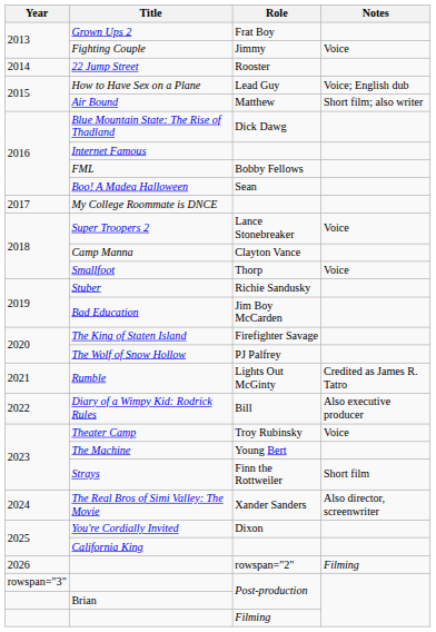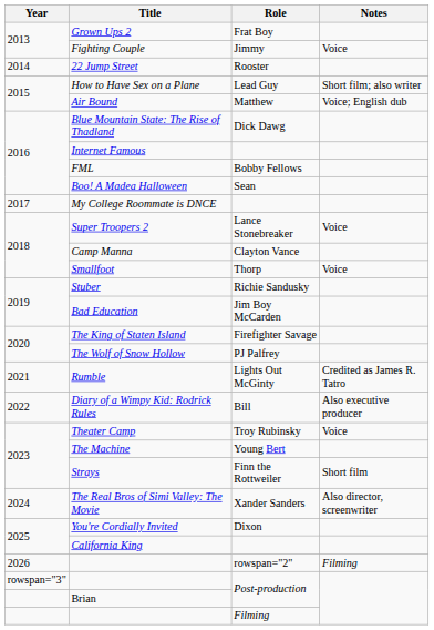 <table class="wikitable">
 <tr>
 <th>Year</th>
 <th>Title</th>
 <th>Role</th>
 <th>Notes</th>
 </tr>
 <tr>
 <td rowspan="2">2013</td>
 <td><em><a href='#'>Grown Ups 2</a></em></td>
 <td>Frat Boy</td>
 <td></td>
 </tr>
 <tr>
 <td><em>Fighting Couple</em></td>
 <td>Jimmy</td>
 <td>Voice</td>
 </tr>
 <tr>
 <td>2014</td>
 <td><em><a href='#'>22 Jump Street</a></em></td>
 <td>Rooster</td>
 <td></td>
 </tr>
 <tr>
 <td rowspan="2">2015</td>
 <td><em>How to Have Sex on a Plane</em></td>
 <td>Lead Guy</td>
-<td>Voice; English dub</td>
+<td>Short film; also writer</td>
 </tr>
 <tr>
 <td><em><a href='#'>Air Bound</a></em></td>
 <td>Matthew</td>
-<td>Short film; also writer</td>
+<td>Voice; English dub</td>
 </tr>
 <tr>
 <td rowspan="4">2016</td>
 <td><em><a href='#'>Blue Mountain State: The Rise of Thadland</a></em></td>
 <td>Dick Dawg</td>
 <td></td>
 </tr>
 <tr>
 <td><em><a href='#'>Internet Famous</a></em></td>
 <td></td>
 <td></td>
 </tr>
 <tr>
 <td><em>FML</em></td>
 <td>Bobby Fellows</td>
 <td></td>
 </tr>
 <tr>
 <td><em><a href='#'>Boo! A Madea Halloween</a></em></td>
 <td>Sean</td>
 <td></td>
 </tr>
 <tr>
 <td>2017</td>
 <td><em>My College Roommate is DNCE</em></td>
 <td></td>
 <td></td>
 </tr>
 <tr>
 <td rowspan="3">2018</td>
 <td><em><a href='#'>Super Troopers 2</a></em></td>
 <td>Lance Stonebreaker</td>
 <td>Voice</td>
 </tr>
 <tr>
 <td><em>Camp Manna</em></td>
 <td>Clayton Vance</td>
 <td></td>
 </tr>
 <tr>
 <td><em><a href='#'>Smallfoot</a></em></td>
 <td>Thorp</td>
 <td>Voice</td>
 </tr>
 <tr>
 <td rowspan="2">2019</td>
 <td><em><a href='#'>Stuber</a></em></td>
 <td>Richie Sandusky</td>
 <td></td>
 </tr>
 <tr>
 <td><em><a href='#'>Bad Education</a></em></td>
 <td>Jim Boy McCarden</td>
 <td></td>
 </tr>
 <tr>
 <td rowspan="2">2020</td>
 <td><em><a href='#'>The King of Staten Island</a></em></td>
 <td>Firefighter Savage</td>
 <td></td>
 </tr>
 <tr>
 <td><em><a href='#'>The Wolf of Snow Hollow</a></em></td>
 <td>PJ Palfrey</td>
 <td></td>
 </tr>
 <tr>
 <td>2021</td>
 <td><em><a href='#'>Rumble</a></em></td>
 <td>Lights Out McGinty</td>
 <td>Credited as James R. Tatro</td>
 </tr>
 <tr>
 <td>2022</td>
 <td><em><a href='#'>Diary of a Wimpy Kid: Rodrick Rules</a></em></td>
 <td>Bill</td>
 <td>Also executive producer</td>
 </tr>
 <tr>
 <td rowspan="3">2023</td>
 <td><em><a href='#'>Theater Camp</a></em></td>
 <td>Troy Rubinsky</td>
 <td>Voice</td>
 </tr>
 <tr>
 <td><em><a href='#'>The Machine</a></em></td>
 <td>Young <a href='#'>Bert</a></td>
 <td></td>
 </tr>
 <tr>
 <td><em><a href='#'>Strays</a></em></td>
 <td>Finn the Rottweiler</td>
 <td>Short film</td>
 </tr>
 <tr>
 <td>2024</td>
 <td><em><a href='#'>The Real Bros of Simi Valley: The Movie</a></em></td>
 <td>Xander Sanders</td>
 <td>Also director, screenwriter</td>
 </tr>
 <tr>
 <td rowspan="2">2025</td>
 <td><em><a href='#'>You're Cordially Invited</a></em></td>
 <td>Dixon</td>
 <td></td>
 </tr>
 <tr>
 <td><em><a href='#'>California King</a></em></td>
 <td></td>
 <td></td>
 </tr>
 <tr>
 <td>2026</td>
 <td></td>
 <td>rowspan="2" </td>
 <td><em>Filming</em></td>
 </tr>
 <tr>
 <td>rowspan="3" </td>
 <td></td>
 <td rowspan="2"><em>Post-production</em></td>
 </tr>
 <tr>
 <td></td>
 <td>Brian</td>
 </tr>
 <tr>
 <td></td>
 <td></td>
 <td><em>Filming</em></td>
 </tr>
 </table>
